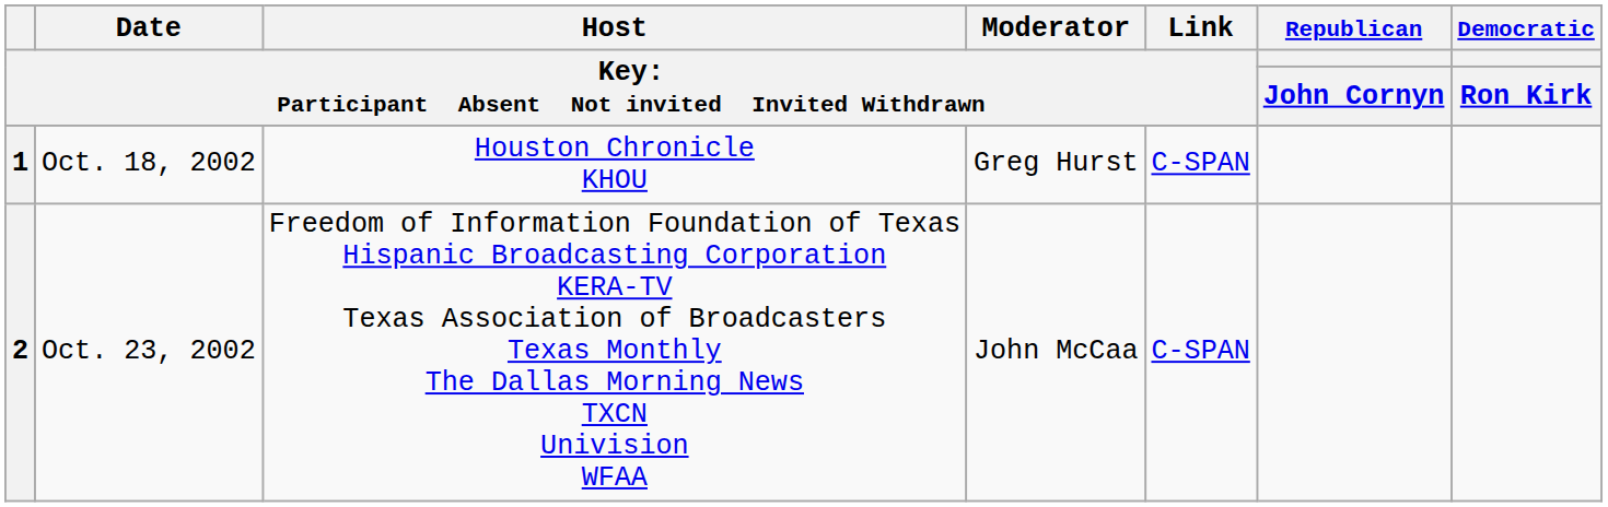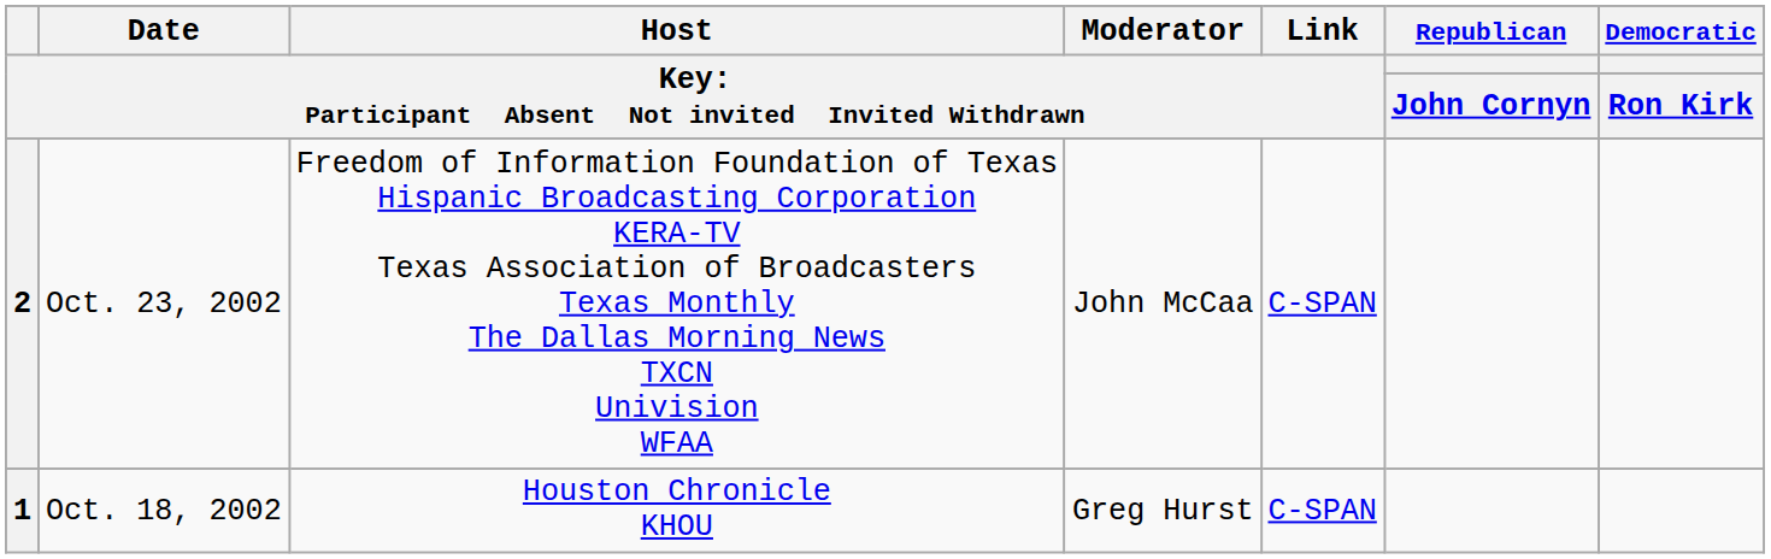 <table class="wikitable" style="text-align:center;">
 <tr>
 <th scope="col"></th>
 <th scope="col">Date</th>
 <th scope="col">Host</th>
 <th scope="col">Moderator</th>
 <th scope="col">Link</th>
 <th scope="col"><small><a href='#'>Republican</a></small></th>
 <th scope="col"><small><a href='#'>Democratic</a></small></th>
 </tr>
 <tr>
 <th colspan="5" rowspan="2">Key:<br> <small>Participant </small>  <small>Absent </small>  <small>Not invited </small>  <small>Invited  Withdrawn</small></th>
 <th scope="col" style="background:"></th>
 <th scope="col" style="background:"></th>
 </tr>
 <tr>
 <th scope="col"><a href='#'>John Cornyn</a></th>
 <th scope="col"><a href='#'>Ron Kirk</a></th>
 </tr>
 <tr>
+<th>2</th>
+<td style="white-space:nowrap;">Oct. 23, 2002</td>
+<td style="white-space:nowrap;">Freedom of Information Foundation of Texas<br><a href='#'>Hispanic Broadcasting Corporation</a><br><a href='#'>KERA-TV</a><br>Texas Association of Broadcasters<br><a href='#'>Texas Monthly</a><br><a href='#'>The Dallas Morning News</a><br><a href='#'>TXCN</a><br><a href='#'>Univision</a><br><a href='#'>WFAA</a></td>
+<td style="white-space:nowrap;">John McCaa</td>
+<td style="white-space:nowrap;"><a href='#'>C-SPAN</a></td>
+<td></td>
+<td></td>
+</tr>
+<tr>
 <th>1</th>
 <td style="white-space:nowrap;">Oct. 18, 2002</td>
 <td style="white-space:nowrap;"><a href='#'>Houston Chronicle</a><br><a href='#'>KHOU</a></td>
 <td style="white-space:nowrap;">Greg Hurst</td>
 <td style="white-space:nowrap;"><a href='#'>C-SPAN</a></td>
 <td></td>
 <td></td>
 </tr>
-<tr>
-<th>2</th>
-<td style="white-space:nowrap;">Oct. 23, 2002</td>
-<td style="white-space:nowrap;">Freedom of Information Foundation of Texas<br><a href='#'>Hispanic Broadcasting Corporation</a><br><a href='#'>KERA-TV</a><br>Texas Association of Broadcasters<br><a href='#'>Texas Monthly</a><br><a href='#'>The Dallas Morning News</a><br><a href='#'>TXCN</a><br><a href='#'>Univision</a><br><a href='#'>WFAA</a></td>
-<td style="white-space:nowrap;">John McCaa</td>
-<td style="white-space:nowrap;"><a href='#'>C-SPAN</a></td>
-<td></td>
-<td></td>
-</tr>
 </table>
